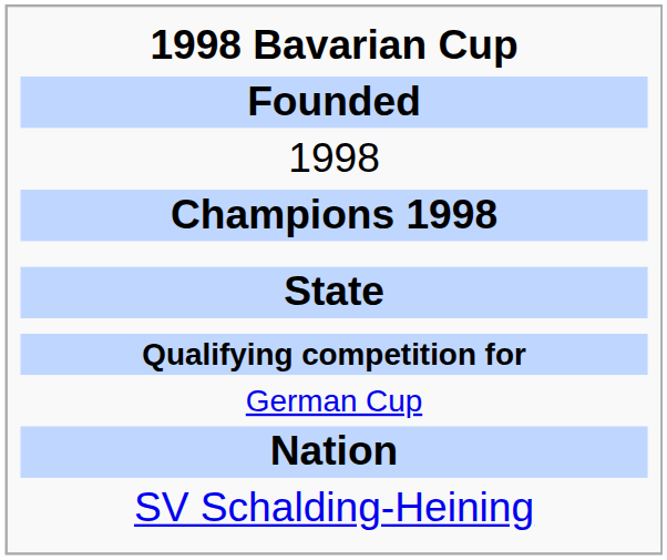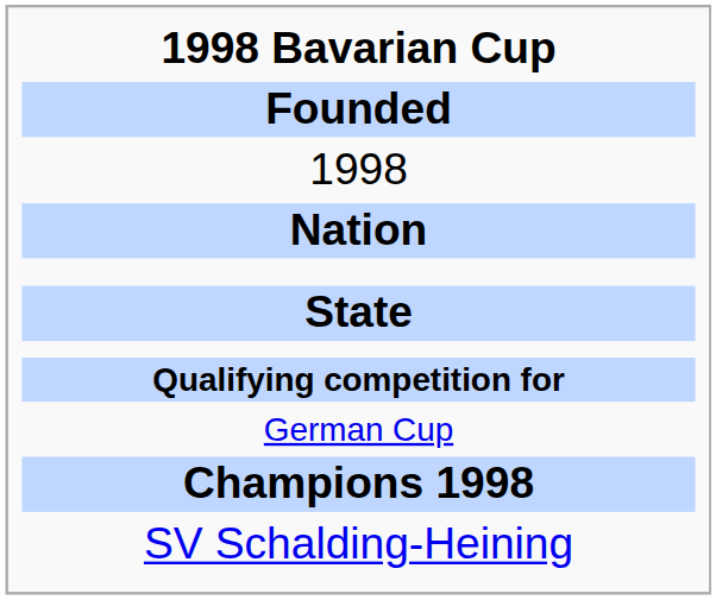 <table class="infobox football" style="width: 16em; text-align: center;">
 <tr>
 <th style="">1998 Bavarian Cup</th>
 </tr>
 <tr>
 <td style="background: #BFD7FF;"><strong>Founded</strong></td>
 </tr>
 <tr>
 <td style="">1998</td>
 </tr>
 <tr>
-<td style="background: #BFD7FF;"><strong>Champions 1998</strong></td>
+<td style="background: #BFD7FF;"><strong>Nation</strong></td>
 </tr>
 <tr>
 <td style=""></td>
 </tr>
 <tr>
 <td style="line-height: 15px;"></td>
 </tr>
 <tr>
 <td style="background: #BFD7FF;"><strong>State</strong></td>
 </tr>
 <tr>
 <td style=""></td>
 </tr>
 <tr>
 <td style="font-size: 12px; background: #BFD7FF;"><strong>Qualifying competition for</strong></td>
 </tr>
 <tr>
 <td style="font-size: 12px;"><a href='#'>German Cup</a></td>
 </tr>
 <tr>
-<td style="background: #BFD7FF;"><strong>Nation</strong></td>
+<td style="background: #BFD7FF;"><strong>Champions 1998</strong></td>
 </tr>
 <tr>
 <td style=""><a href='#'>SV Schalding-Heining</a></td>
 </tr>
 <tr>
 </tr>
 </table>
